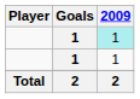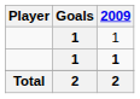 <table class="wikitable sortable" style="text-align:center;">
 <tr>
 <th>Player</th>
 <th>Goals</th>
 <th><a href='#'>2009</a></th>
 </tr>
 <tr>
 <td align="left"></td>
 <th>1</th>
-<td style="background: paleturquoise;">1</td>
+<td>1</td>
 </tr>
 <tr>
 <td align="left"></td>
 <th>1</th>
-<td>1</td>
+<td><strong>1</strong></td>
 </tr>
 <tr>
 </tr>
 <tr class="sortbottom">
 <th>Total</th>
 <th>2</th>
 <th>2</th>
 </tr>
 </table>
